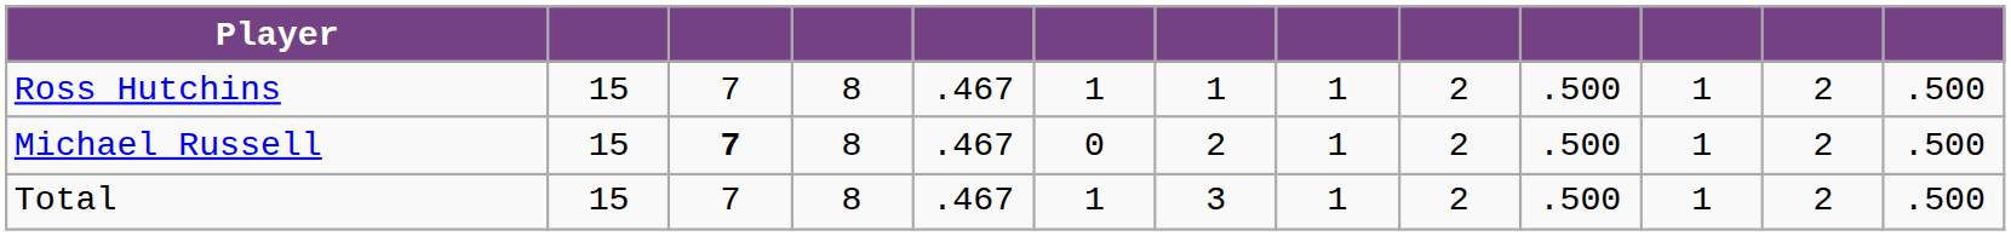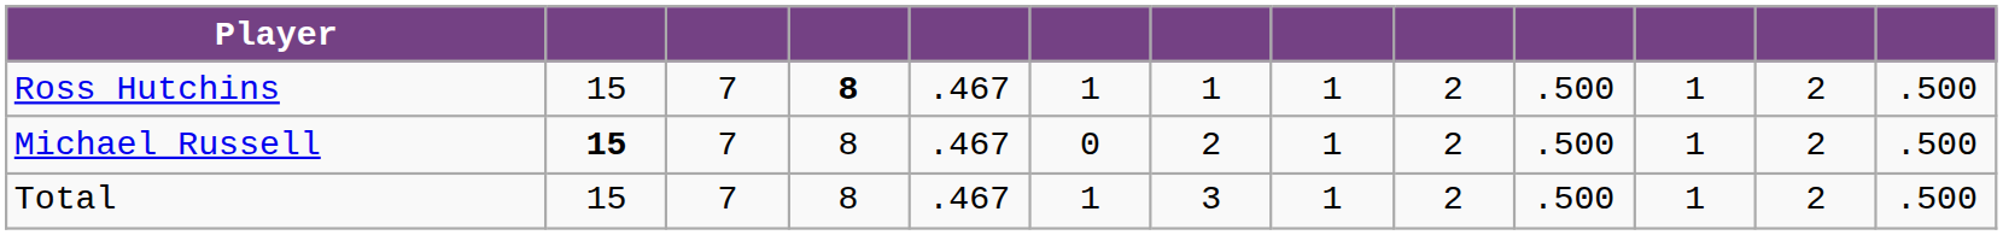 <table class="wikitable" style="text-align:center">
 <tr>
 <th style="background:#744184; color:white" width="200px">Player</th>
 <th style="background:#744184; color:white" width="40px"></th>
 <th style="background:#744184; color:white" width="40px"></th>
 <th style="background:#744184; color:white" width="40px"></th>
 <th style="background:#744184; color:white" width="40px"></th>
 <th style="background:#744184; color:white" width="40px"></th>
 <th style="background:#744184; color:white" width="40px"></th>
 <th style="background:#744184; color:white" width="40px"></th>
 <th style="background:#744184; color:white" width="40px"></th>
 <th style="background:#744184; color:white" width="40px"></th>
 <th style="background:#744184; color:white" width="40px"></th>
 <th style="background:#744184; color:white" width="40px"></th>
 <th style="background:#744184; color:white" width="40px"></th>
 </tr>
 <tr>
 <td style="text-align:left"><a href='#'>Ross Hutchins</a></td>
 <td>15</td>
 <td>7</td>
-<td>8</td>
+<td><strong>8</strong></td>
 <td>.467</td>
 <td>1</td>
 <td>1</td>
 <td>1</td>
 <td>2</td>
 <td>.500</td>
 <td>1</td>
 <td>2</td>
 <td>.500</td>
 </tr>
 <tr>
 <td style="text-align:left"><a href='#'>Michael Russell</a></td>
-<td>15</td>
-<td><strong>7</strong></td>
+<td><strong>15</strong></td>
+<td>7</td>
 <td>8</td>
 <td>.467</td>
 <td>0</td>
 <td>2</td>
 <td>1</td>
 <td>2</td>
 <td>.500</td>
 <td>1</td>
 <td>2</td>
 <td>.500</td>
 </tr>
 <tr>
 <td style="text-align:left">Total</td>
 <td>15</td>
 <td>7</td>
 <td>8</td>
 <td>.467</td>
 <td>1</td>
 <td>3</td>
 <td>1</td>
 <td>2</td>
 <td>.500</td>
 <td>1</td>
 <td>2</td>
 <td>.500</td>
 </tr>
 </table>
